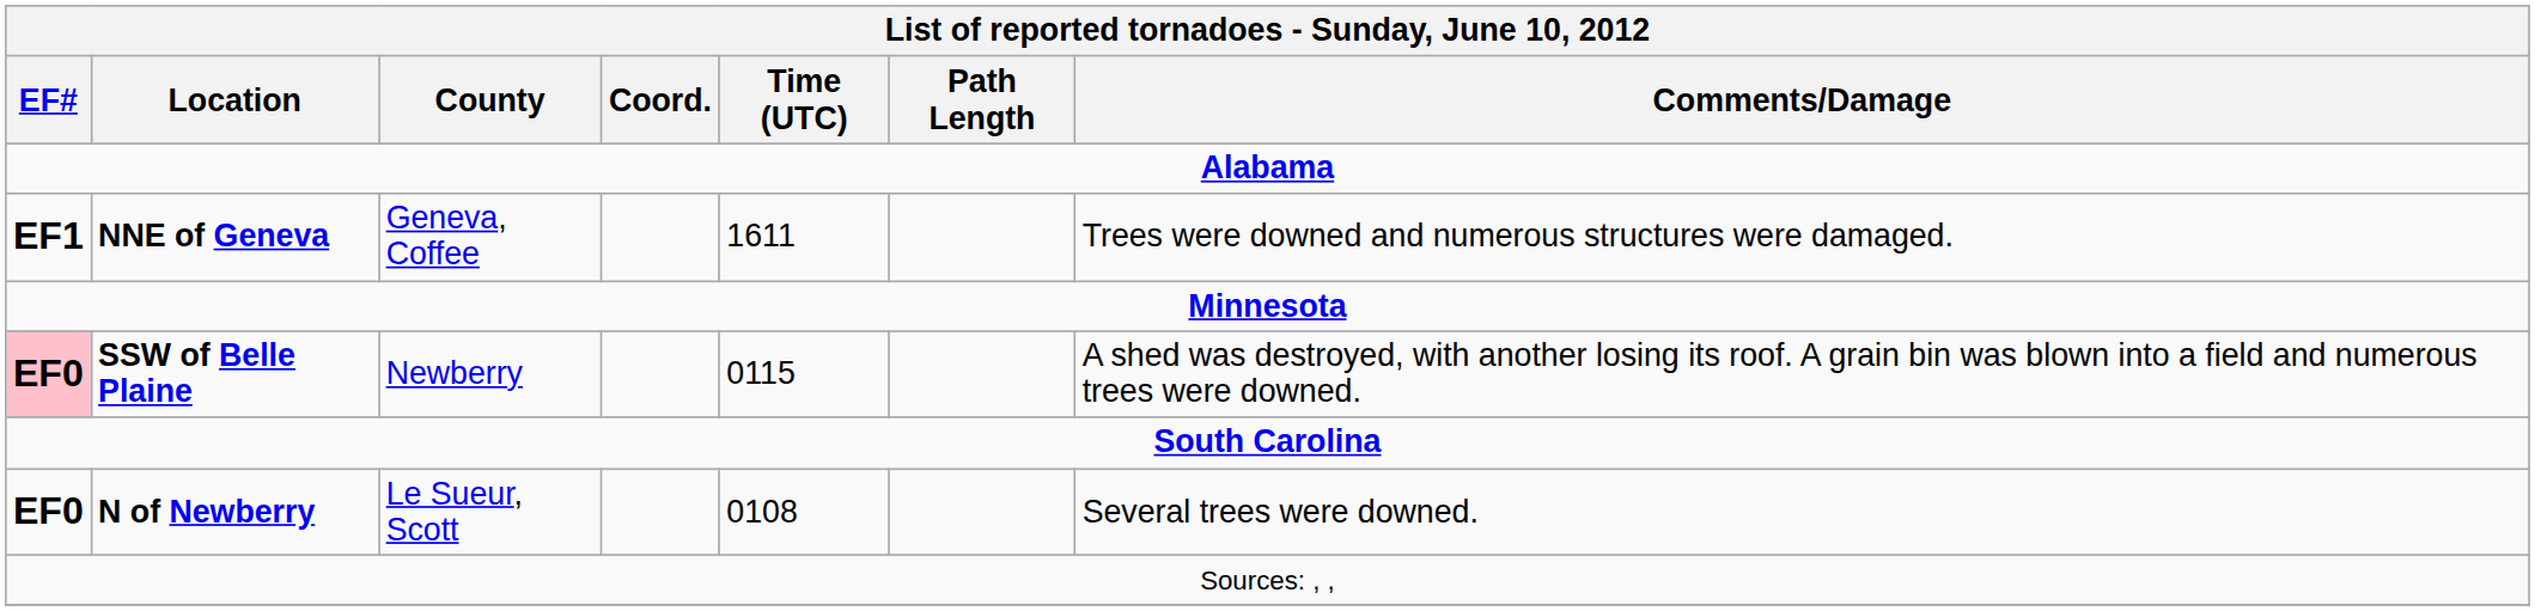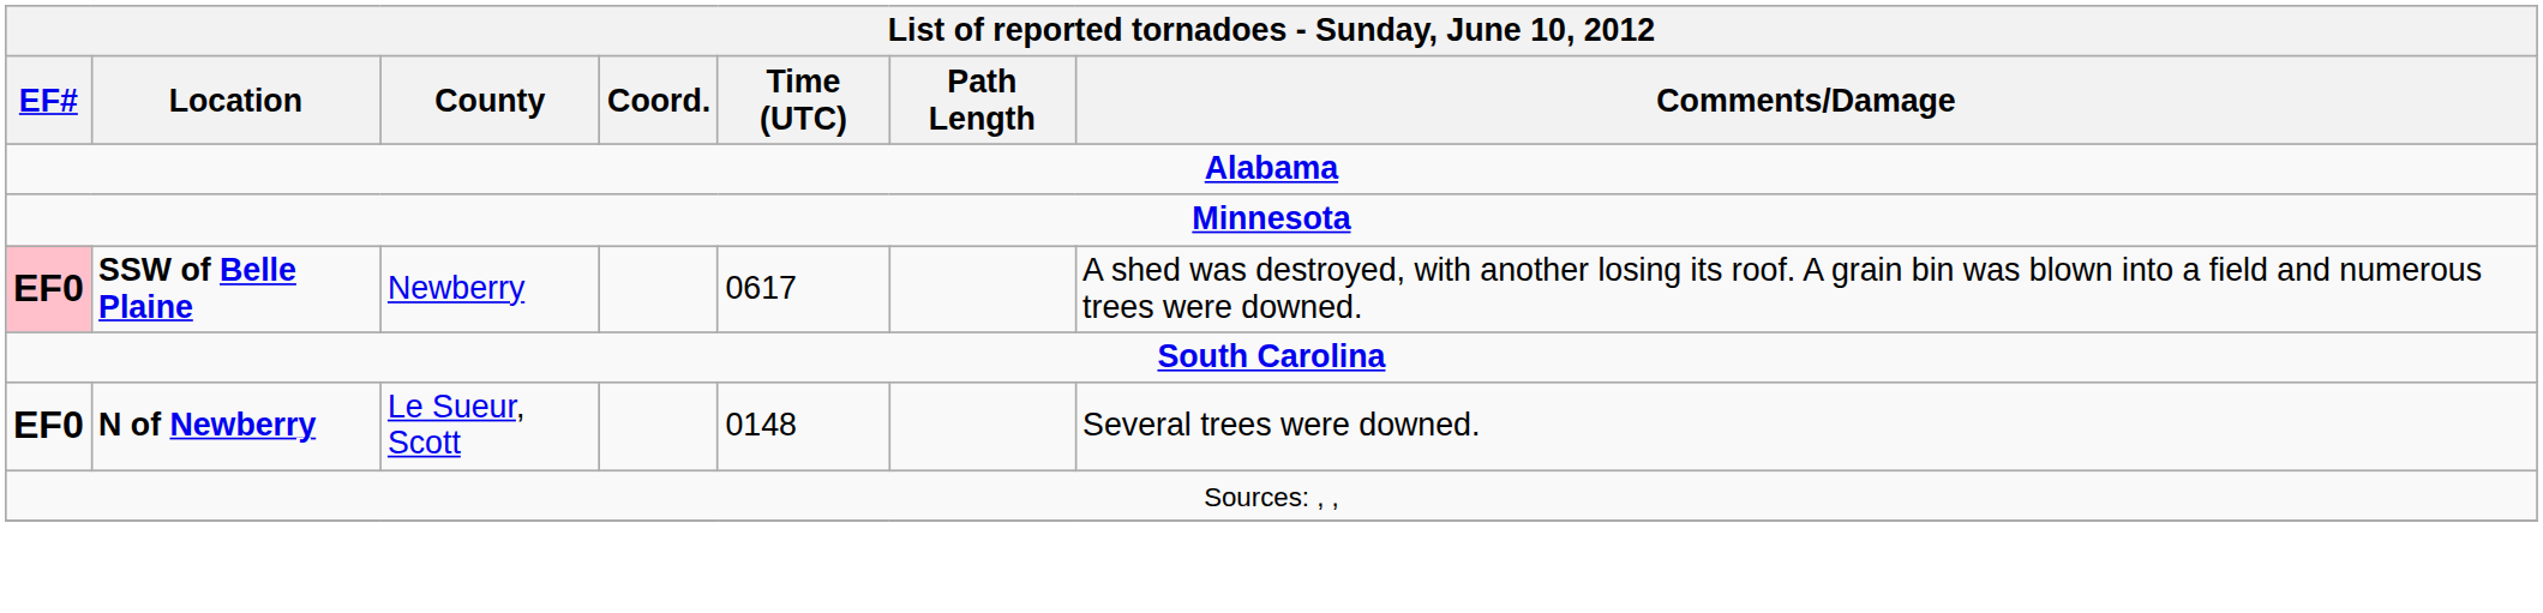 <table class="wikitable collapsible" width="100%">
 <tr>
 <th colspan="7">List of reported tornadoes - Sunday, June 10, 2012</th>
 </tr>
 <tr>
 <th><a href='#'>EF#</a></th>
 <th>Location</th>
 <th>County</th>
 <th>Coord.</th>
 <th>Time (UTC)</th>
 <th>Path Length</th>
 <th>Comments/Damage</th>
 </tr>
 <tr>
 <td colspan="7" align=center><strong><a href='#'>Alabama</a></strong></td>
 </tr>
 <tr>
-<td><big><strong>EF1</strong></big></td>
-<td><strong>NNE of <a href='#'>Geneva</a></strong></td>
-<td><a href='#'>Geneva</a>, <a href='#'>Coffee</a></td>
-<td></td>
-<td>1611</td>
-<td></td>
-<td>Trees were downed and numerous structures were damaged.</td>
-</tr>
-<tr>
 <td colspan="7" align=center><strong><a href='#'>Minnesota</a></strong></td>
 </tr>
 <tr>
 <td style="background: pink;"><big><strong>EF0</strong></big></td>
 <td><strong>SSW of <a href='#'>Belle Plaine</a></strong></td>
 <td><a href='#'>Newberry</a></td>
 <td></td>
-<td>0115</td>
+<td>0617</td>
 <td></td>
 <td>A shed was destroyed, with another losing its roof. A grain bin was blown into a field and numerous trees were downed.</td>
 </tr>
 <tr>
 <td colspan="7" align=center><strong><a href='#'>South Carolina</a></strong></td>
 </tr>
 <tr>
 <td><big><strong>EF0</strong></big></td>
 <td><strong>N of <a href='#'>Newberry</a></strong></td>
 <td><a href='#'>Le Sueur</a>, <a href='#'>Scott</a></td>
 <td></td>
-<td>0108</td>
+<td>0148</td>
 <td></td>
 <td>Several trees were downed.</td>
 </tr>
 <tr>
 <td colspan="7" align=center><small>Sources: , , </small></td>
 </tr>
 <tr>
 </tr>
 </table>
